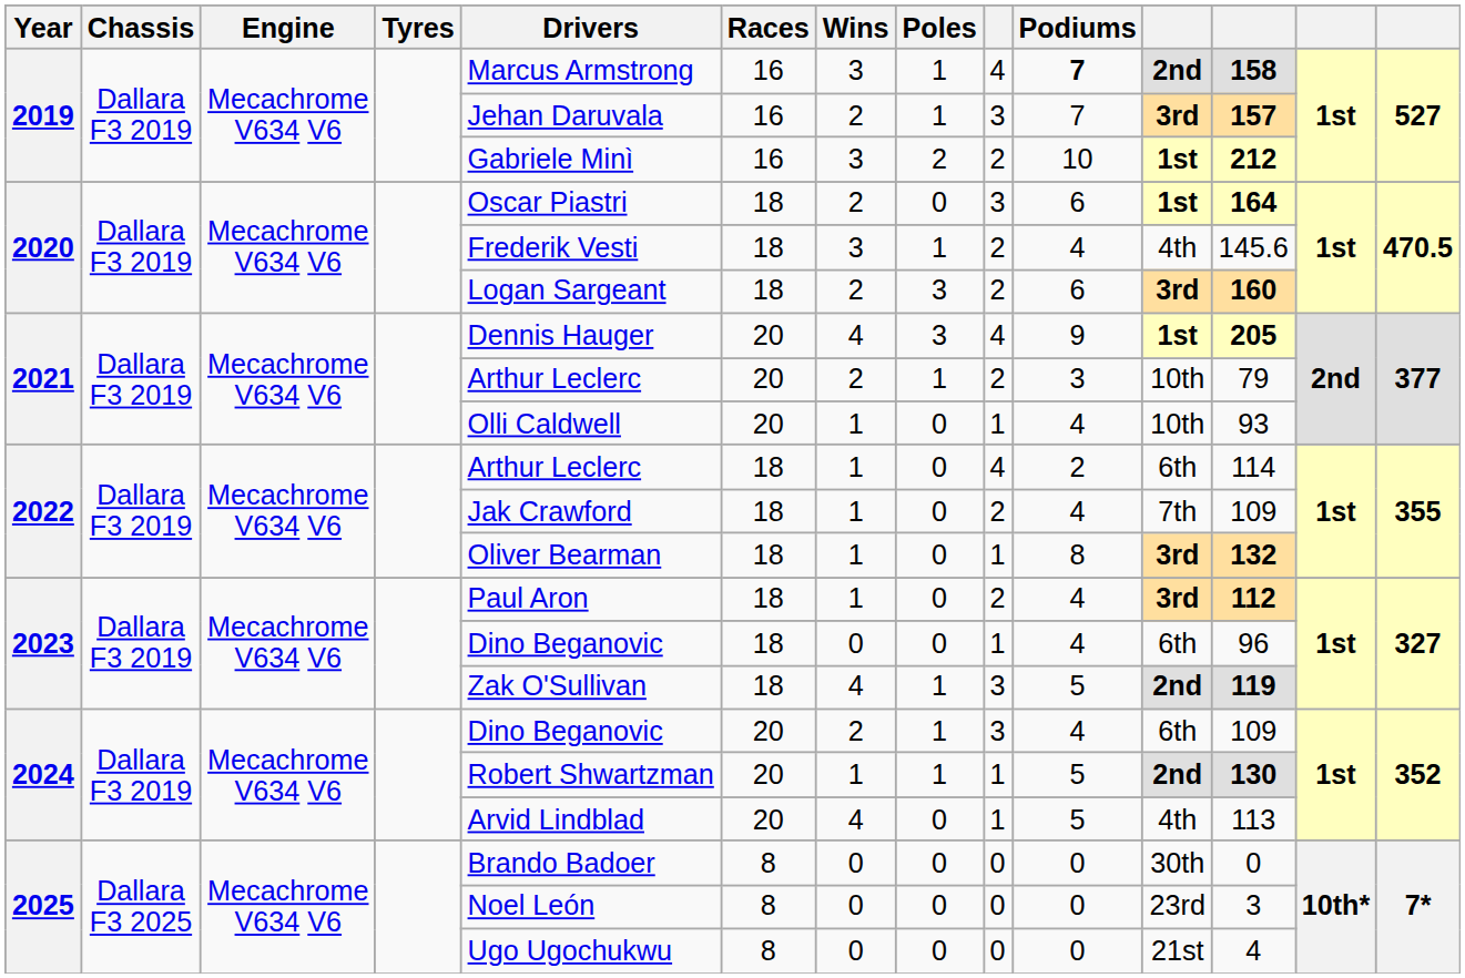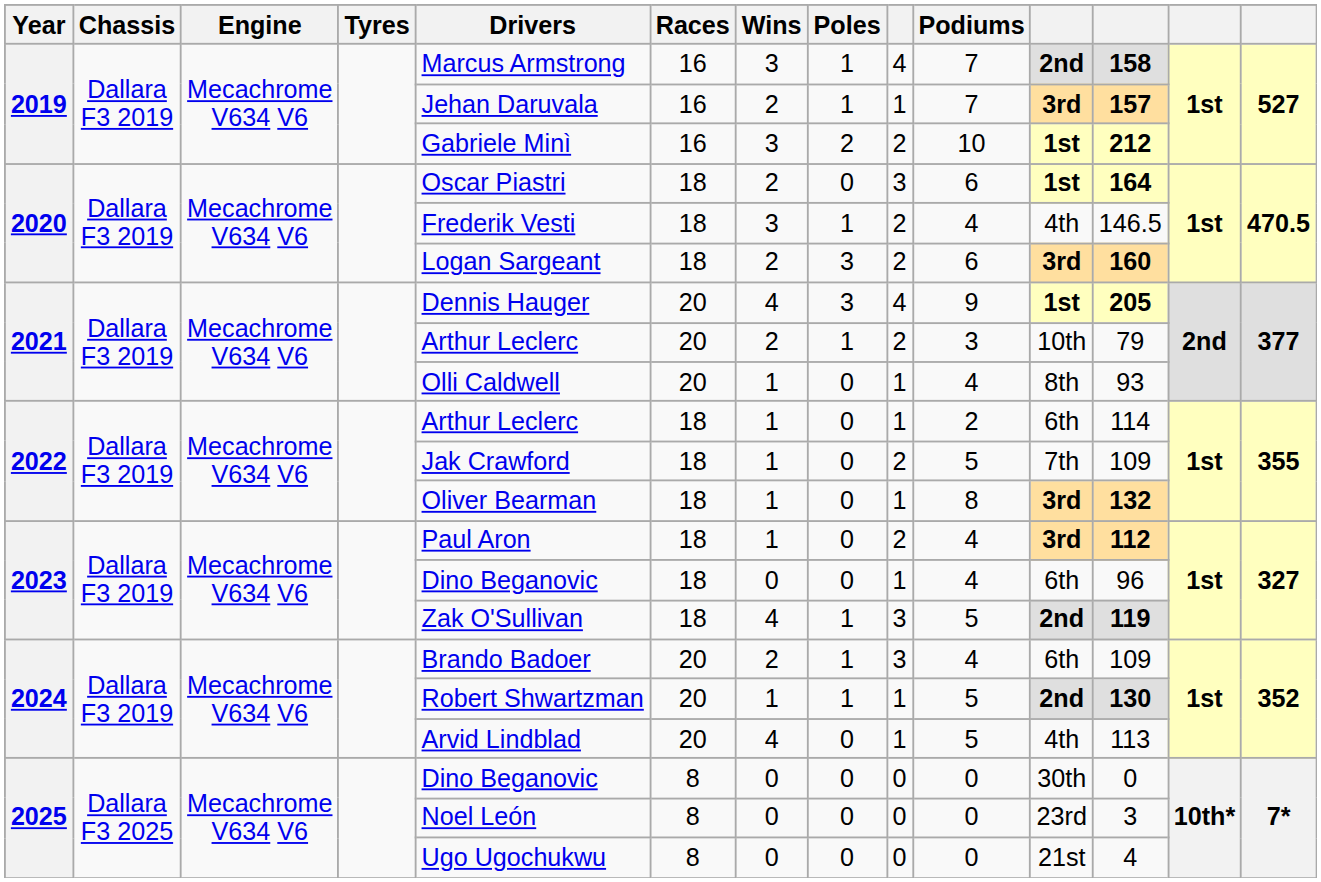 <table class="wikitable" style="text-align:center; font-size:85%">
 <tr>
 <th>Year</th>
 <th>Chassis</th>
 <th>Engine</th>
 <th>Tyres</th>
 <th>Drivers</th>
 <th>Races</th>
 <th>Wins</th>
 <th>Poles</th>
 <th></th>
 <th>Podiums</th>
 <th></th>
 <th></th>
 <th></th>
 <th></th>
 </tr>
 <tr>
 <th rowspan="3"><a href='#'>2019</a></th>
 <td rowspan=3><a href='#'>Dallara</a><br><a href='#'>F3 2019</a></td>
 <td rowspan=3><a href='#'>Mecachrome</a><br><a href='#'>V634</a> <a href='#'>V6</a></td>
 <td rowspan=3></td>
 <td align=left> <a href='#'>Marcus Armstrong</a></td>
 <td>16</td>
 <td>3</td>
 <td>1</td>
 <td>4</td>
-<td><strong>7</strong></td>
+<td>7</td>
 <td style="background:#DFDFDF;"><strong>2nd</strong></td>
 <td style="background:#DFDFDF;"><strong>158</strong></td>
 <th rowspan=3 style="background:#FFFFBF;">1st</th>
 <th rowspan=3 style="background:#FFFFBF;">527</th>
 </tr>
 <tr>
 <td align=left> <a href='#'>Jehan Daruvala</a></td>
 <td>16</td>
 <td>2</td>
 <td>1</td>
-<td>3</td>
+<td>1</td>
 <td>7</td>
 <td style="background:#FFDF9F;"><strong>3rd</strong></td>
 <td style="background:#FFDF9F;"><strong>157</strong></td>
 </tr>
 <tr>
 <td align=left> <a href='#'>Gabriele Minì</a></td>
 <td>16</td>
 <td>3</td>
 <td>2</td>
 <td>2</td>
 <td>10</td>
 <td style="background:#FFFFBF;"><strong>1st</strong></td>
 <td style="background:#FFFFBF;"><strong>212</strong></td>
 </tr>
 <tr>
 <th rowspan=3><a href='#'>2020</a></th>
 <td rowspan=3><a href='#'>Dallara</a><br><a href='#'>F3 2019</a></td>
 <td rowspan=3><a href='#'>Mecachrome</a><br><a href='#'>V634</a> <a href='#'>V6</a></td>
 <td rowspan=3></td>
 <td align=left> <a href='#'>Oscar Piastri</a></td>
 <td>18</td>
 <td>2</td>
 <td>0</td>
 <td>3</td>
 <td>6</td>
 <td style="background:#FFFFBF;"><strong>1st</strong></td>
 <td style="background:#FFFFBF;"><strong>164</strong></td>
 <th rowspan=3 style="background:#FFFFBF;">1st</th>
 <th rowspan=3 style="background:#FFFFBF;">470.5</th>
 </tr>
 <tr>
 <td align=left> <a href='#'>Frederik Vesti</a></td>
 <td>18</td>
 <td>3</td>
 <td>1</td>
 <td>2</td>
 <td>4</td>
 <td>4th</td>
-<td>145.6</td>
+<td>146.5</td>
 </tr>
 <tr>
 <td align=left> <a href='#'>Logan Sargeant</a></td>
 <td>18</td>
 <td>2</td>
 <td>3</td>
 <td>2</td>
 <td>6</td>
 <td style="background:#FFDF9F;"><strong>3rd</strong></td>
 <td style="background:#FFDF9F;"><strong>160</strong></td>
 </tr>
 <tr>
 <th rowspan=3><a href='#'>2021</a></th>
 <td rowspan=3><a href='#'>Dallara</a><br><a href='#'>F3 2019</a></td>
 <td rowspan=3><a href='#'>Mecachrome</a><br><a href='#'>V634</a> <a href='#'>V6</a></td>
 <td rowspan=3></td>
 <td align=left> <a href='#'>Dennis Hauger</a></td>
 <td>20</td>
 <td>4</td>
 <td>3</td>
 <td>4</td>
 <td>9</td>
 <td style="background:#FFFFBF;"><strong>1st</strong></td>
 <td style="background:#FFFFBF;"><strong>205</strong></td>
 <th rowspan="3" style="background:#DFDFDF;">2nd</th>
 <th rowspan="3" style="background:#DFDFDF;">377</th>
 </tr>
 <tr>
 <td align=left> <a href='#'>Arthur Leclerc</a></td>
 <td>20</td>
 <td>2</td>
 <td>1</td>
 <td>2</td>
 <td>3</td>
 <td>10th</td>
 <td>79</td>
 </tr>
 <tr>
 <td align=left> <a href='#'>Olli Caldwell</a></td>
 <td>20</td>
 <td>1</td>
 <td>0</td>
 <td>1</td>
 <td>4</td>
-<td>10th</td>
+<td>8th</td>
 <td>93</td>
 </tr>
 <tr>
 <th rowspan=3><a href='#'>2022</a></th>
 <td rowspan=3><a href='#'>Dallara</a><br><a href='#'>F3 2019</a></td>
 <td rowspan=3><a href='#'>Mecachrome</a><br><a href='#'>V634</a> <a href='#'>V6</a></td>
 <td rowspan=3></td>
 <td align=left> <a href='#'>Arthur Leclerc</a></td>
 <td>18</td>
 <td>1</td>
 <td>0</td>
-<td>4</td>
+<td>1</td>
 <td>2</td>
 <td style="background:#;">6th</td>
 <td style="background:#;">114</td>
 <th rowspan=3 style="background:#FFFFBF;">1st</th>
 <th rowspan=3 style="background:#FFFFBF;">355</th>
 </tr>
 <tr>
 <td align=left> <a href='#'>Jak Crawford</a></td>
 <td>18</td>
 <td>1</td>
 <td>0</td>
 <td>2</td>
-<td>4</td>
+<td>5</td>
 <td style="background:#;">7th</td>
 <td style="background:#;">109</td>
 </tr>
 <tr>
 <td align=left> <a href='#'>Oliver Bearman</a></td>
 <td>18</td>
 <td>1</td>
 <td>0</td>
 <td>1</td>
 <td>8</td>
 <td style="background:#FFDF9F;"><strong>3rd</strong></td>
 <td style="background:#FFDF9F;"><strong>132</strong></td>
 </tr>
 <tr>
 <th rowspan=3><a href='#'>2023</a></th>
 <td rowspan=3><a href='#'>Dallara</a><br><a href='#'>F3 2019</a></td>
 <td rowspan=3><a href='#'>Mecachrome</a><br><a href='#'>V634</a> <a href='#'>V6</a></td>
 <td rowspan=3></td>
 <td align=left> <a href='#'>Paul Aron</a></td>
 <td>18</td>
 <td>1</td>
 <td>0</td>
 <td>2</td>
 <td>4</td>
 <td style="background:#FFDF9F;"><strong>3rd</strong></td>
 <td style="background:#FFDF9F;"><strong>112</strong></td>
 <th rowspan=3 style="background:#FFFFBF;">1st</th>
 <th rowspan=3 style="background:#FFFFBF;">327</th>
 </tr>
 <tr>
 <td align=left> <a href='#'>Dino Beganovic</a></td>
 <td>18</td>
 <td>0</td>
 <td>0</td>
 <td>1</td>
 <td>4</td>
 <td style="background:#;">6th</td>
 <td style="background:#;">96</td>
 </tr>
 <tr>
 <td align=left> <a href='#'>Zak O'Sullivan</a></td>
 <td>18</td>
 <td>4</td>
 <td>1</td>
 <td>3</td>
 <td>5</td>
 <td style="background:#DFDFDF;"><strong>2nd</strong></td>
 <td style="background:#DFDFDF;"><strong>119</strong></td>
 </tr>
 <tr>
 <th rowspan=3><a href='#'>2024</a></th>
 <td rowspan=3><a href='#'>Dallara</a><br><a href='#'>F3 2019</a></td>
 <td rowspan=3><a href='#'>Mecachrome</a><br><a href='#'>V634</a> <a href='#'>V6</a></td>
 <td rowspan=3></td>
-<td align=left> <a href='#'>Dino Beganovic</a></td>
+<td align=left> <a href='#'>Brando Badoer</a></td>
 <td>20</td>
 <td>2</td>
 <td>1</td>
 <td>3</td>
 <td>4</td>
 <td style="background:#;">6th</td>
 <td style="background:#;">109</td>
 <th rowspan=3 style="background:#FFFFBF;">1st</th>
 <th rowspan=3 style="background:#FFFFBF;">352</th>
 </tr>
 <tr>
 <td align=left nowrap> <a href='#'>Robert Shwartzman</a></td>
 <td>20</td>
 <td>1</td>
 <td>1</td>
 <td>1</td>
 <td>5</td>
 <td style="background:#DFDFDF;"><strong>2nd</strong></td>
 <td style="background:#DFDFDF;"><strong>130</strong></td>
 </tr>
 <tr>
 <td align=left> <a href='#'>Arvid Lindblad</a></td>
 <td>20</td>
 <td>4</td>
 <td>0</td>
 <td>1</td>
 <td>5</td>
 <td style="background:#;">4th</td>
 <td style="background:#;">113</td>
 </tr>
 <tr>
 <th rowspan=3><a href='#'>2025</a></th>
 <td rowspan=3><a href='#'>Dallara</a><br><a href='#'>F3 2025</a></td>
 <td rowspan=3><a href='#'>Mecachrome</a><br><a href='#'>V634</a> <a href='#'>V6</a></td>
 <td rowspan=3></td>
-<td align=left> <a href='#'>Brando Badoer</a></td>
+<td align=left> <a href='#'>Dino Beganovic</a></td>
 <td>8</td>
 <td>0</td>
 <td>0</td>
 <td>0</td>
 <td>0</td>
 <td style="background:#;">30th</td>
 <td style="background:#;">0</td>
 <th rowspan=3 style="background:#;">10th*</th>
 <th rowspan=3 style="background:#;">7*</th>
 </tr>
 <tr>
 <td align=left> <a href='#'>Noel León</a></td>
 <td>8</td>
 <td>0</td>
 <td>0</td>
 <td>0</td>
 <td>0</td>
 <td style="background:#;">23rd</td>
 <td style="background:#;">3</td>
 </tr>
 <tr>
 <td align=left> <a href='#'>Ugo Ugochukwu</a></td>
 <td>8</td>
 <td>0</td>
 <td>0</td>
 <td>0</td>
 <td>0</td>
 <td style="background:#;">21st</td>
 <td style="background:#;">4</td>
 </tr>
 </table>
